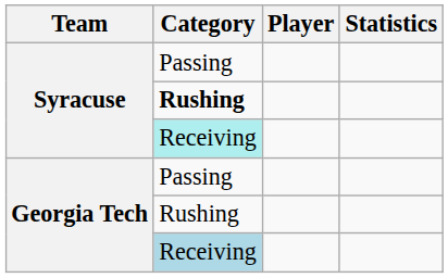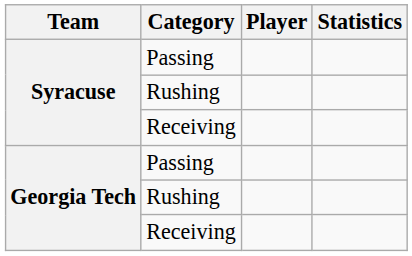 <table class="wikitable" style="float:right">
 <tr>
 <th>Team</th>
 <th>Category</th>
 <th>Player</th>
 <th>Statistics</th>
 </tr>
 <tr>
 <th rowspan=3>Syracuse</th>
 <td>Passing</td>
 <td></td>
 <td></td>
 </tr>
 <tr>
-<td><strong>Rushing</strong></td>
+<td>Rushing</td>
 <td></td>
 <td></td>
 </tr>
 <tr>
-<td style="background: paleturquoise;">Receiving</td>
+<td>Receiving</td>
 <td></td>
 <td></td>
 </tr>
 <tr>
 <th rowspan=3>Georgia Tech</th>
 <td>Passing</td>
 <td></td>
 <td></td>
 </tr>
 <tr>
 <td>Rushing</td>
 <td></td>
 <td></td>
 </tr>
 <tr>
-<td style="background: lightblue;">Receiving</td>
+<td>Receiving</td>
 <td></td>
 <td></td>
 </tr>
 </table>
